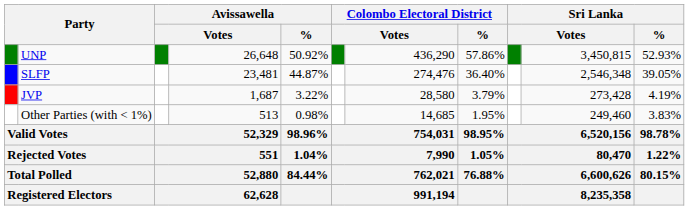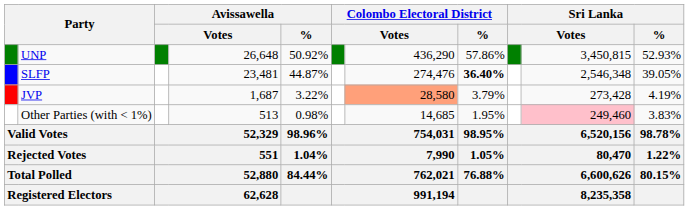 <table class="wikitable">
 <tr>
 <th colspan="2" width="144px"rowspan="2">Party</th>
 <th colspan="3" width="216px">Avissawella</th>
 <th colspan="3" width="216px"><a href='#'>Colombo Electoral District</a></th>
 <th colspan="3" width="216px">Sri Lanka</th>
 </tr>
 <tr>
 <th colspan="2" width="144px">Votes</th>
 <th>%</th>
 <th colspan="2" width="144px">Votes</th>
 <th>%</th>
 <th colspan="2" width="144px">Votes</th>
 <th>%</th>
 </tr>
 <tr>
 <td style="background-color:green;" width="10px"></td>
 <td style="text-align:left;"><a href='#'>UNP</a></td>
 <td style="background-color:green;" width="10px"></td>
 <td style="text-align:right;">26,648</td>
 <td style="text-align:right;">50.92%</td>
 <td style="background-color:green;" width="10px"></td>
 <td style="text-align:right;">436,290</td>
 <td style="text-align:right;">57.86%</td>
 <td style="background-color:green;" width="10px"></td>
 <td style="text-align:right;">3,450,815</td>
 <td style="text-align:right;">52.93%</td>
 </tr>
 <tr>
 <td style="background-color:blue;" width="10px"></td>
 <td style="text-align:left;"><a href='#'>SLFP</a></td>
 <td style="background-color:white;" width="10px"></td>
 <td style="text-align:right;">23,481</td>
 <td style="text-align:right;">44.87%</td>
 <td style="background-color:white;" width="10px"></td>
 <td style="text-align:right;">274,476</td>
-<td style="text-align:right;">36.40%</td>
+<td style="text-align:right;"><strong>36.40%</strong></td>
 <td style="background-color:white;" width="10px"></td>
 <td style="text-align:right;">2,546,348</td>
 <td style="text-align:right;">39.05%</td>
 </tr>
 <tr>
 <td style="background-color:red;" width="10px"></td>
 <td style="text-align:left;"><a href='#'>JVP</a></td>
 <td style="background-color:white;" width="10px"></td>
 <td style="text-align:right;">1,687</td>
 <td style="text-align:right;">3.22%</td>
 <td style="background-color:white;" width="10px"></td>
-<td style="text-align:right;">28,580</td>
+<td style="background: lightsalmon; text-align:right;">28,580</td>
 <td style="text-align:right;">3.79%</td>
 <td style="background-color:white;" width="10px"></td>
 <td style="text-align:right;">273,428</td>
 <td style="text-align:right;">4.19%</td>
 </tr>
 <tr>
 <td style="background-color:white;" width="10px"></td>
 <td style="text-align:left;">Other Parties (with < 1%)</td>
 <td style="background-color:white;" width="10px"></td>
 <td style="text-align:right;">513</td>
 <td style="text-align:right;">0.98%</td>
 <td style="background-color:white;" width="10px"></td>
 <td style="text-align:right;">14,685</td>
 <td style="text-align:right;">1.95%</td>
 <td style="background-color:white;" width="10px"></td>
-<td style="text-align:right;">249,460</td>
+<td style="background: pink; text-align:right;">249,460</td>
 <td style="text-align:right;">3.83%</td>
 </tr>
 <tr>
 <th colspan="2" width="144px"style="text-align:left;">Valid Votes</th>
 <th style="text-align:right;"colspan="2" width="144px">52,329</th>
 <th style="text-align:right;">98.96%</th>
 <th style="text-align:right;"colspan="2" width="144px">754,031</th>
 <th style="text-align:right;">98.95%</th>
 <th style="text-align:right;"colspan="2" width="144px">6,520,156</th>
 <th style="text-align:right;">98.78%</th>
 </tr>
 <tr>
 <th colspan="2" width="144px"style="text-align:left;">Rejected Votes</th>
 <th style="text-align:right;"colspan="2" width="144px">551</th>
 <th style="text-align:right;">1.04%</th>
 <th style="text-align:right;"colspan="2" width="144px">7,990</th>
 <th style="text-align:right;">1.05%</th>
 <th style="text-align:right;"colspan="2" width="144px">80,470</th>
 <th style="text-align:right;">1.22%</th>
 </tr>
 <tr>
 <th colspan="2" width="144px"style="text-align:left;">Total Polled</th>
 <th style="text-align:right;"colspan="2" width="144px">52,880</th>
 <th style="text-align:right;">84.44%</th>
 <th style="text-align:right;"colspan="2" width="144px">762,021</th>
 <th style="text-align:right;">76.88%</th>
 <th style="text-align:right;"colspan="2" width="144px">6,600,626</th>
 <th style="text-align:right;">80.15%</th>
 </tr>
 <tr>
 <th colspan="2" width="144px"style="text-align:left;">Registered Electors</th>
 <th style="text-align:right;"colspan="2" width="144px">62,628</th>
 <th></th>
 <th style="text-align:right;"colspan="2" width="144px">991,194</th>
 <th></th>
 <th style="text-align:right;"colspan="2" width="144px">8,235,358</th>
 <th></th>
 </tr>
 </table>
